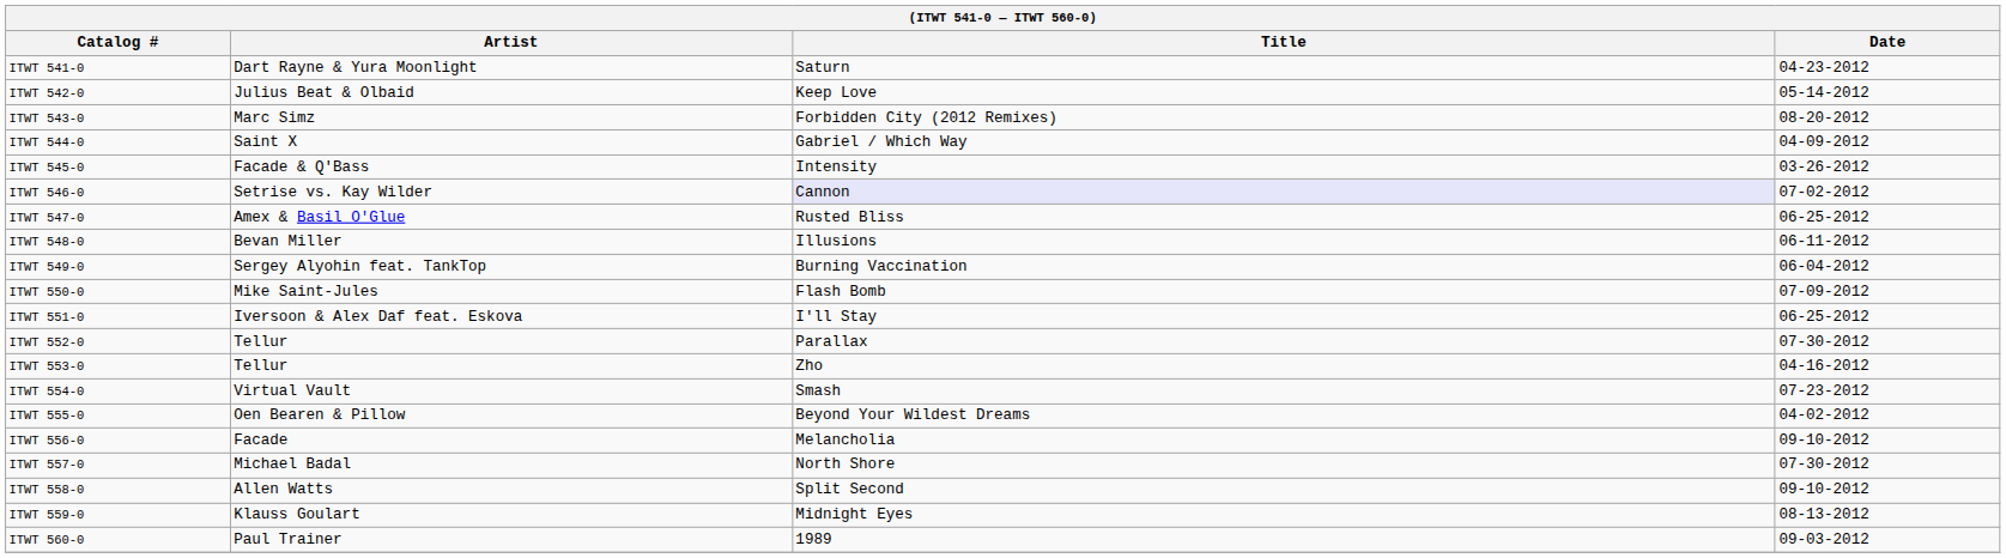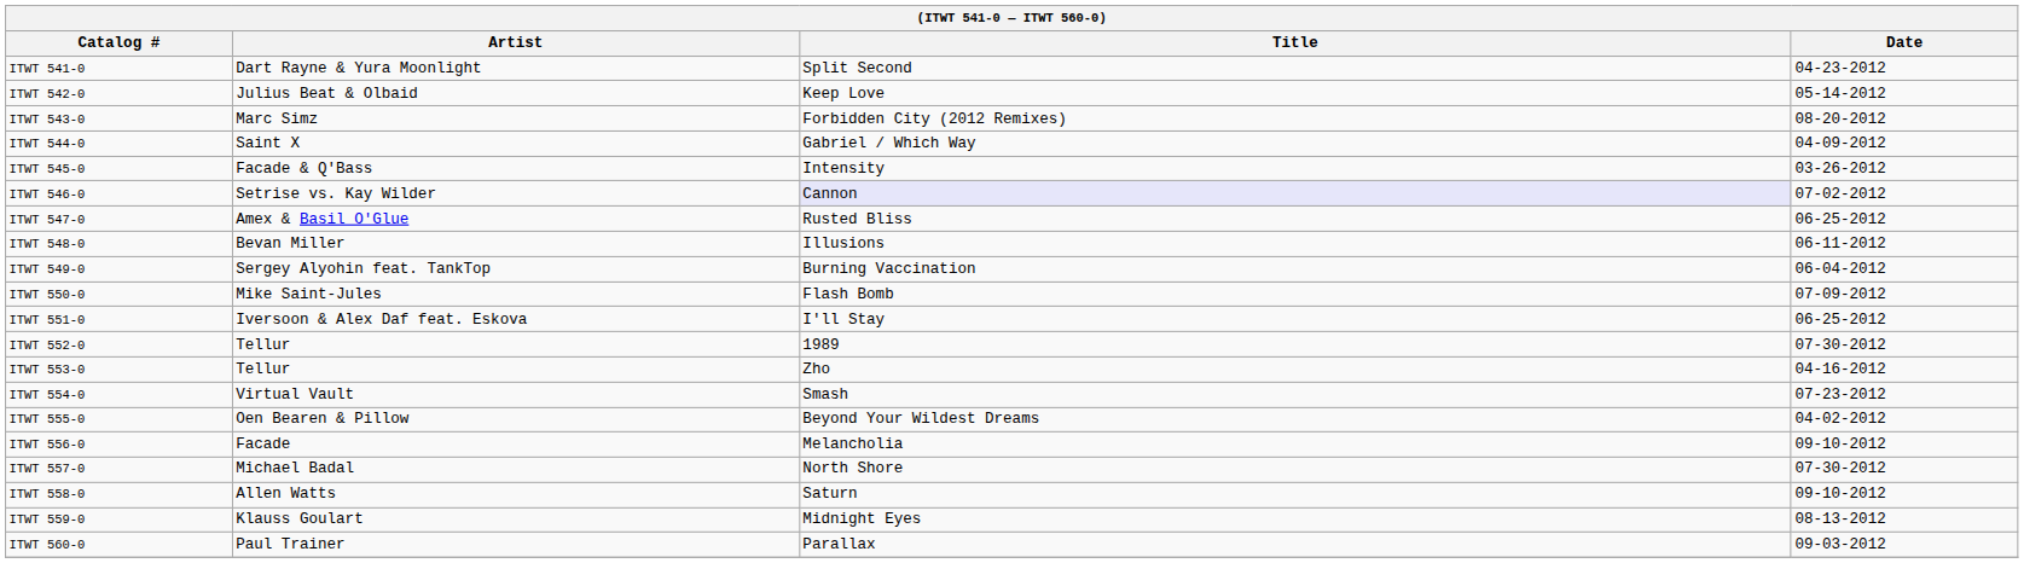 <table width="80%" class="wikitable collapsible collapsed" style="font-size:92%;position:relative;">
 <tr>
 <th colspan="5"><small>(ITWT 541-0 — ITWT 560-0)</small></th>
 </tr>
 <tr>
 <th width="8%">Catalog #</th>
 <th width="20%">Artist</th>
 <th width="35%">Title</th>
 <th width="8%">Date</th>
 </tr>
 <tr>
 <td><small>ITWT 541-0</small></td>
 <td>Dart Rayne & Yura Moonlight</td>
-<td>Saturn</td>
+<td>Split Second</td>
 <td>04-23-2012</td>
 </tr>
 <tr>
 <td><small>ITWT 542-0</small></td>
 <td>Julius Beat & Olbaid</td>
 <td>Keep Love</td>
 <td>05-14-2012</td>
 </tr>
 <tr>
 <td><small>ITWT 543-0</small></td>
 <td>Marc Simz</td>
 <td>Forbidden City (2012 Remixes)</td>
 <td>08-20-2012</td>
 </tr>
 <tr>
 <td><small>ITWT 544-0</small></td>
 <td>Saint X</td>
 <td>Gabriel / Which Way</td>
 <td>04-09-2012</td>
 </tr>
 <tr>
 <td><small>ITWT 545-0</small></td>
 <td>Facade & Q'Bass</td>
 <td>Intensity</td>
 <td>03-26-2012</td>
 </tr>
 <tr>
 <td><small>ITWT 546-0</small></td>
 <td>Setrise vs. Kay Wilder</td>
 <td style="background: lavender;">Cannon</td>
 <td>07-02-2012</td>
 </tr>
 <tr>
 <td><small>ITWT 547-0</small></td>
 <td>Amex & <a href='#'>Basil O'Glue</a></td>
 <td>Rusted Bliss</td>
 <td>06-25-2012</td>
 </tr>
 <tr>
 <td><small>ITWT 548-0</small></td>
 <td>Bevan Miller</td>
 <td>Illusions</td>
 <td>06-11-2012</td>
 </tr>
 <tr>
 <td><small>ITWT 549-0</small></td>
 <td>Sergey Alyohin feat. TankTop</td>
 <td>Burning Vaccination</td>
 <td>06-04-2012</td>
 </tr>
 <tr>
 <td><small>ITWT 550-0</small></td>
 <td>Mike Saint-Jules</td>
 <td>Flash Bomb</td>
 <td>07-09-2012</td>
 </tr>
 <tr>
 <td><small>ITWT 551-0</small></td>
 <td>Iversoon & Alex Daf feat. Eskova</td>
 <td>I'll Stay</td>
 <td>06-25-2012</td>
 </tr>
 <tr>
 <td><small>ITWT 552-0</small></td>
 <td>Tellur</td>
-<td>Parallax</td>
+<td>1989</td>
 <td>07-30-2012</td>
 </tr>
 <tr>
 <td><small>ITWT 553-0</small></td>
 <td>Tellur</td>
 <td>Zho</td>
 <td>04-16-2012</td>
 </tr>
 <tr>
 <td><small>ITWT 554-0</small></td>
 <td>Virtual Vault</td>
 <td>Smash</td>
 <td>07-23-2012</td>
 </tr>
 <tr>
 <td><small>ITWT 555-0</small></td>
 <td>Oen Bearen & Pillow</td>
 <td>Beyond Your Wildest Dreams</td>
 <td>04-02-2012</td>
 </tr>
 <tr>
 <td><small>ITWT 556-0</small></td>
 <td>Facade</td>
 <td>Melancholia</td>
 <td>09-10-2012</td>
 </tr>
 <tr>
 <td><small>ITWT 557-0</small></td>
 <td>Michael Badal</td>
 <td>North Shore</td>
 <td>07-30-2012</td>
 </tr>
 <tr>
 <td><small>ITWT 558-0</small></td>
 <td>Allen Watts</td>
-<td>Split Second</td>
+<td>Saturn</td>
 <td>09-10-2012</td>
 </tr>
 <tr>
 <td><small>ITWT 559-0</small></td>
 <td>Klauss Goulart</td>
 <td>Midnight Eyes</td>
 <td>08-13-2012</td>
 </tr>
 <tr>
 <td><small>ITWT 560-0</small></td>
 <td>Paul Trainer</td>
-<td>1989</td>
+<td>Parallax</td>
 <td>09-03-2012</td>
 </tr>
 <tr>
 </tr>
 </table>
